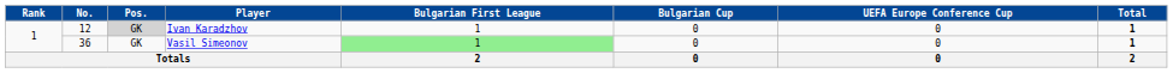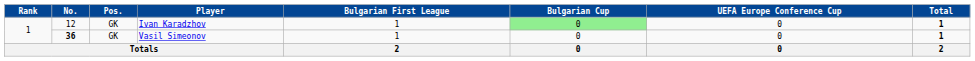 <table class="wikitable sortable" style="text-align:center;width:100%;">
 <tr>
 <th style=background-color:#034694;color:#FFFFFF>Rank</th>
 <th style=background-color:#034694;color:#FFFFFF>No.</th>
 <th style=background-color:#034694;color:#FFFFFF>Pos.</th>
 <th style=background-color:#034694;color:#FFFFFF>Player</th>
 <th style=background-color:#034694;color:#FFFFFF>Bulgarian First League</th>
 <th style=background-color:#034694;color:#FFFFFF>Bulgarian Cup</th>
 <th style=background-color:#034694;color:#FFFFFF>UEFA Europe Conference Cup</th>
 <th style=background-color:#034694;color:#FFFFFF>Total</th>
 </tr>
 <tr>
 <td rowspan="2">1</td>
 <td>12</td>
-<td style="background: lightgrey;">GK</td>
+<td>GK</td>
 <td align=left> <a href='#'>Ivan Karadzhov</a></td>
 <td>1</td>
-<td>0</td>
+<td style="background: lightgreen;">0</td>
 <td>0</td>
 <td><strong>1</strong></td>
 </tr>
 <tr>
-<td>36</td>
+<td><strong>36</strong></td>
 <td>GK</td>
 <td align=left> <a href='#'>Vasil Simeonov</a></td>
-<td style="background: lightgreen;">1</td>
+<td>1</td>
 <td>0</td>
 <td>0</td>
 <td><strong>1</strong></td>
 </tr>
 <tr>
 <th colspan=4><strong>Totals </strong></th>
 <th><strong>2</strong></th>
 <th><strong>0</strong></th>
 <th><strong>0</strong></th>
 <th><strong>2</strong></th>
 </tr>
 </table>
